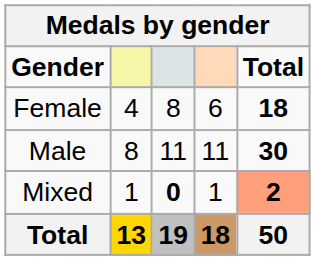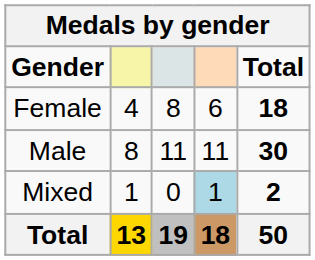 <table class=wikitable style="font-size:85%; float:right;text-align:center">
 <tr bgcolor=EFEFEF>
 <th colspan=6><strong>Medals by gender</strong></th>
 </tr>
 <tr>
 <td><strong>Gender</strong></td>
 <td bgcolor=F7F6A8></td>
 <td bgcolor=DCE5E5></td>
 <td bgcolor=FFDAB9></td>
 <td><strong>Total</strong></td>
 </tr>
 <tr>
 <td>Female</td>
 <td>4</td>
 <td>8</td>
 <td>6</td>
 <td><strong>18</strong></td>
 </tr>
 <tr>
 <td>Male</td>
 <td>8</td>
 <td>11</td>
 <td>11</td>
 <td><strong>30</strong></td>
 </tr>
 <tr>
 <td>Mixed</td>
 <td>1</td>
-<td><strong>0</strong></td>
-<td>1</td>
-<td style="background: lightsalmon;"><strong>2</strong></td>
+<td>0</td>
+<td style="background: lightblue;">1</td>
+<td><strong>2</strong></td>
 </tr>
 <tr>
 <th><strong>Total</strong></th>
 <th style=background:gold><strong>13</strong></th>
 <th style=background:silver><strong>19</strong></th>
 <th style=background:#C96><strong>18</strong></th>
 <th><strong>50</strong></th>
 </tr>
 </table>
